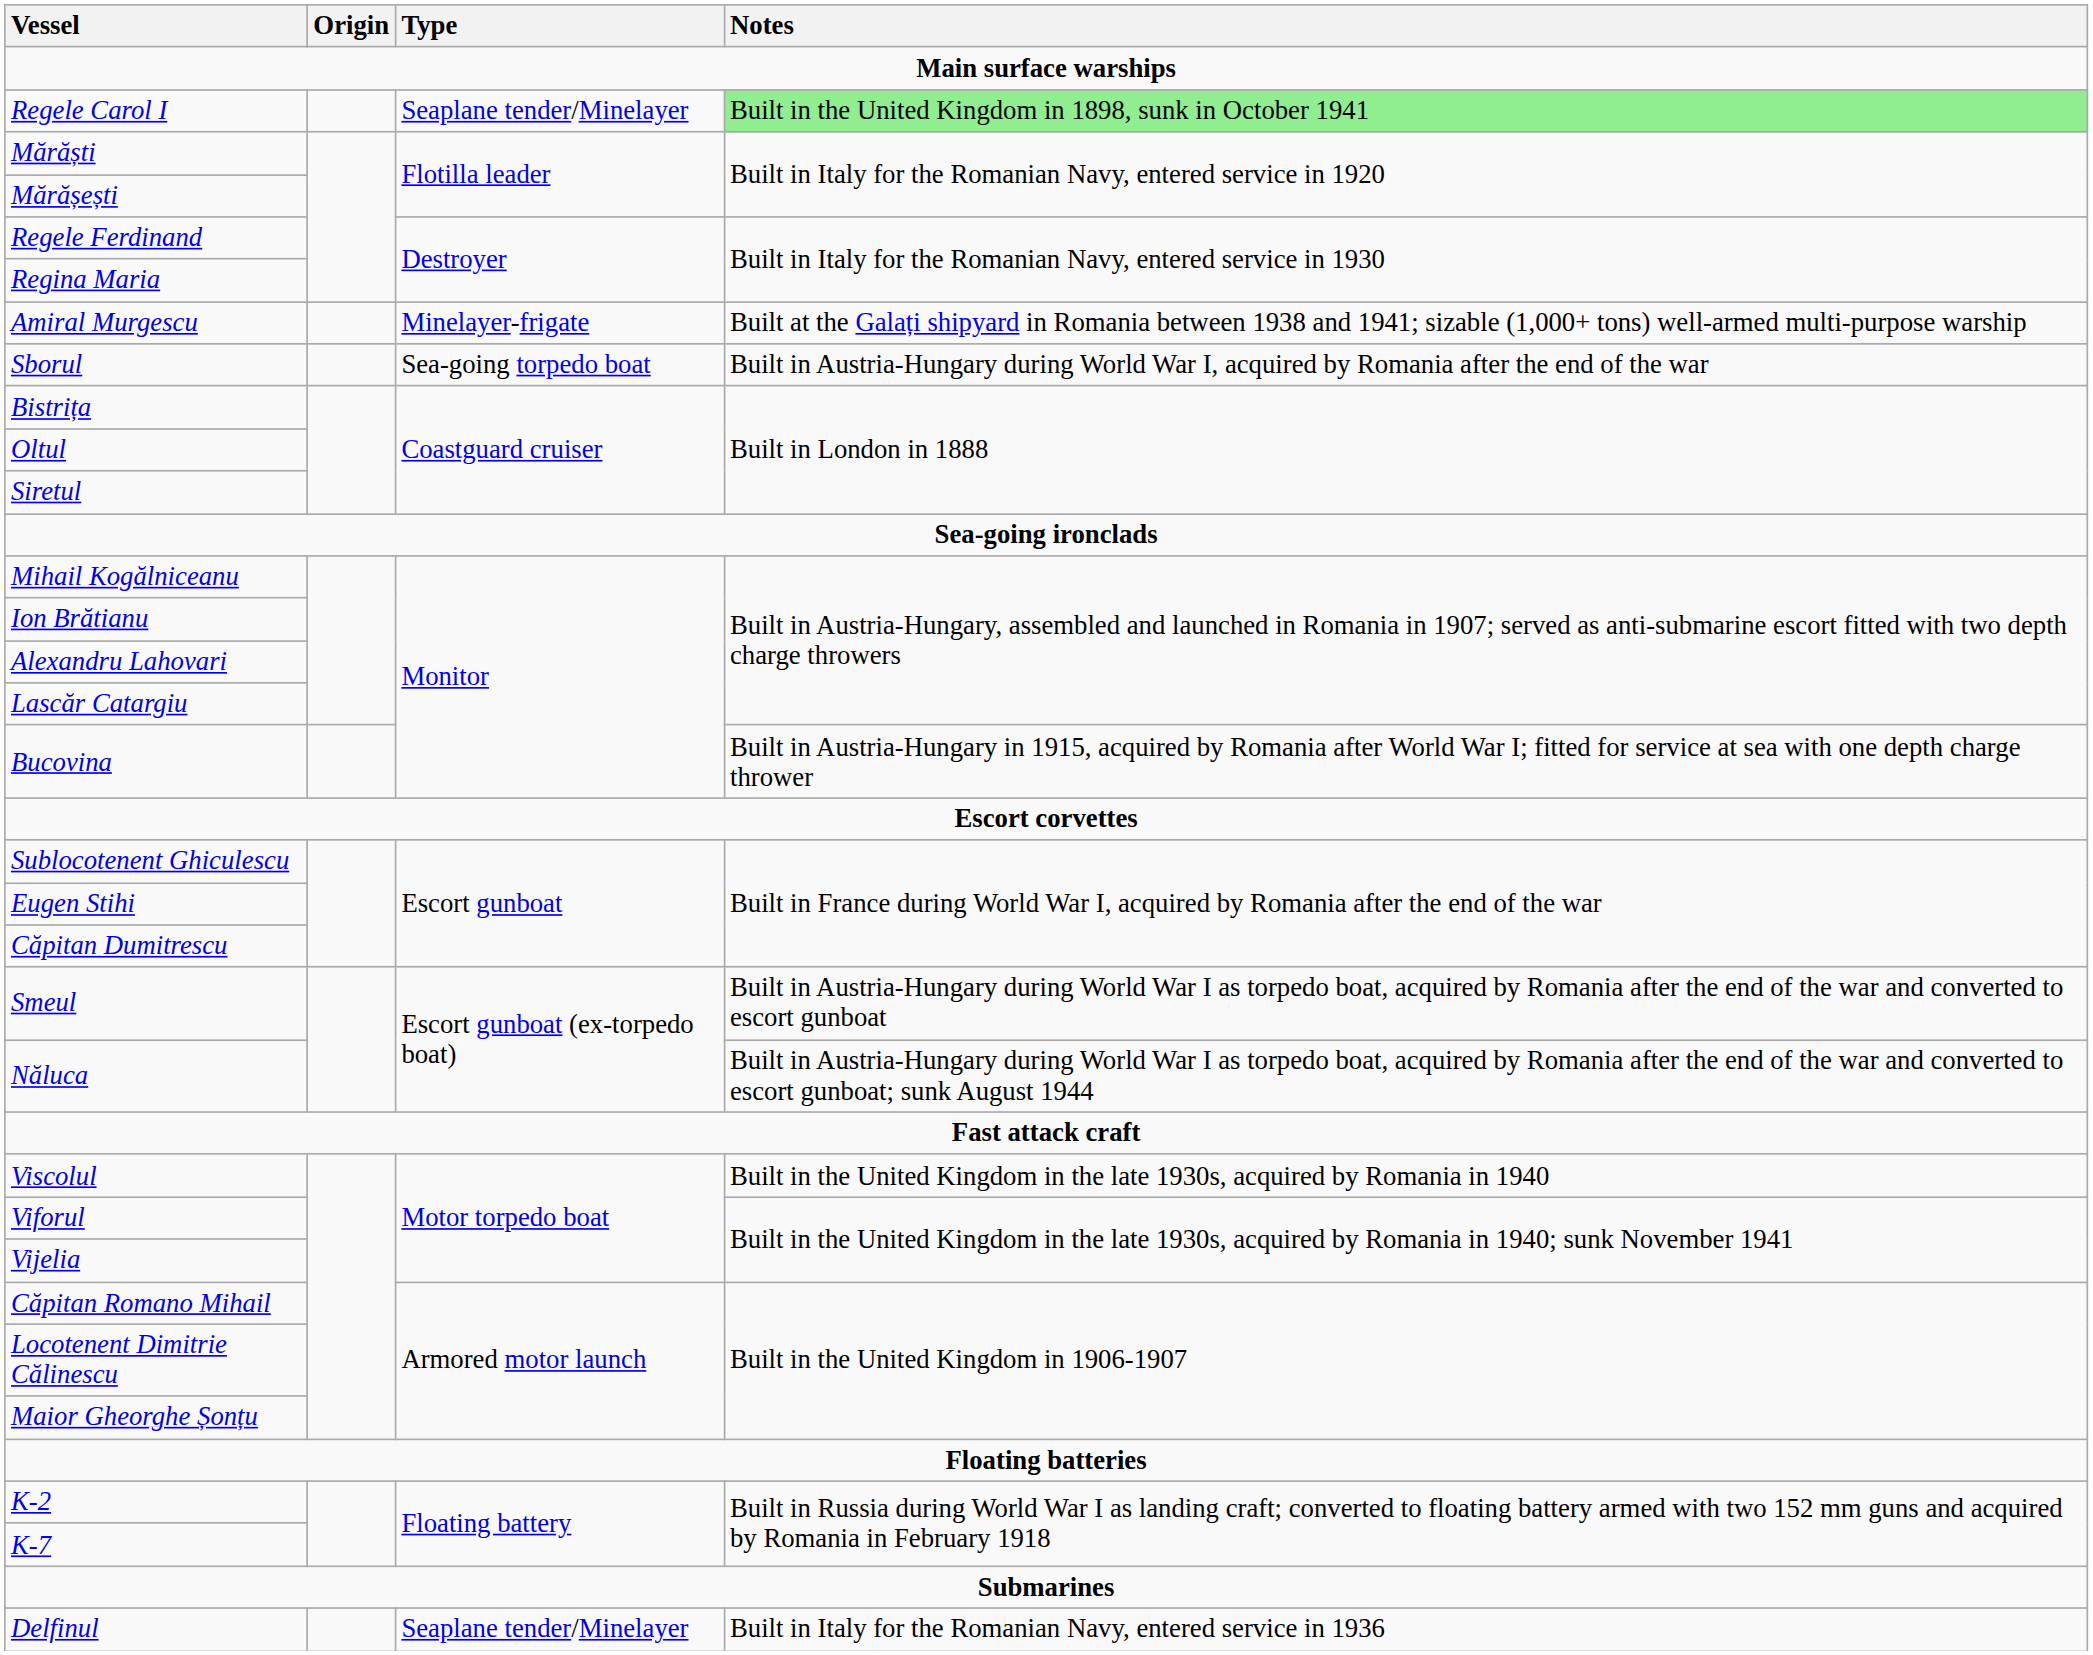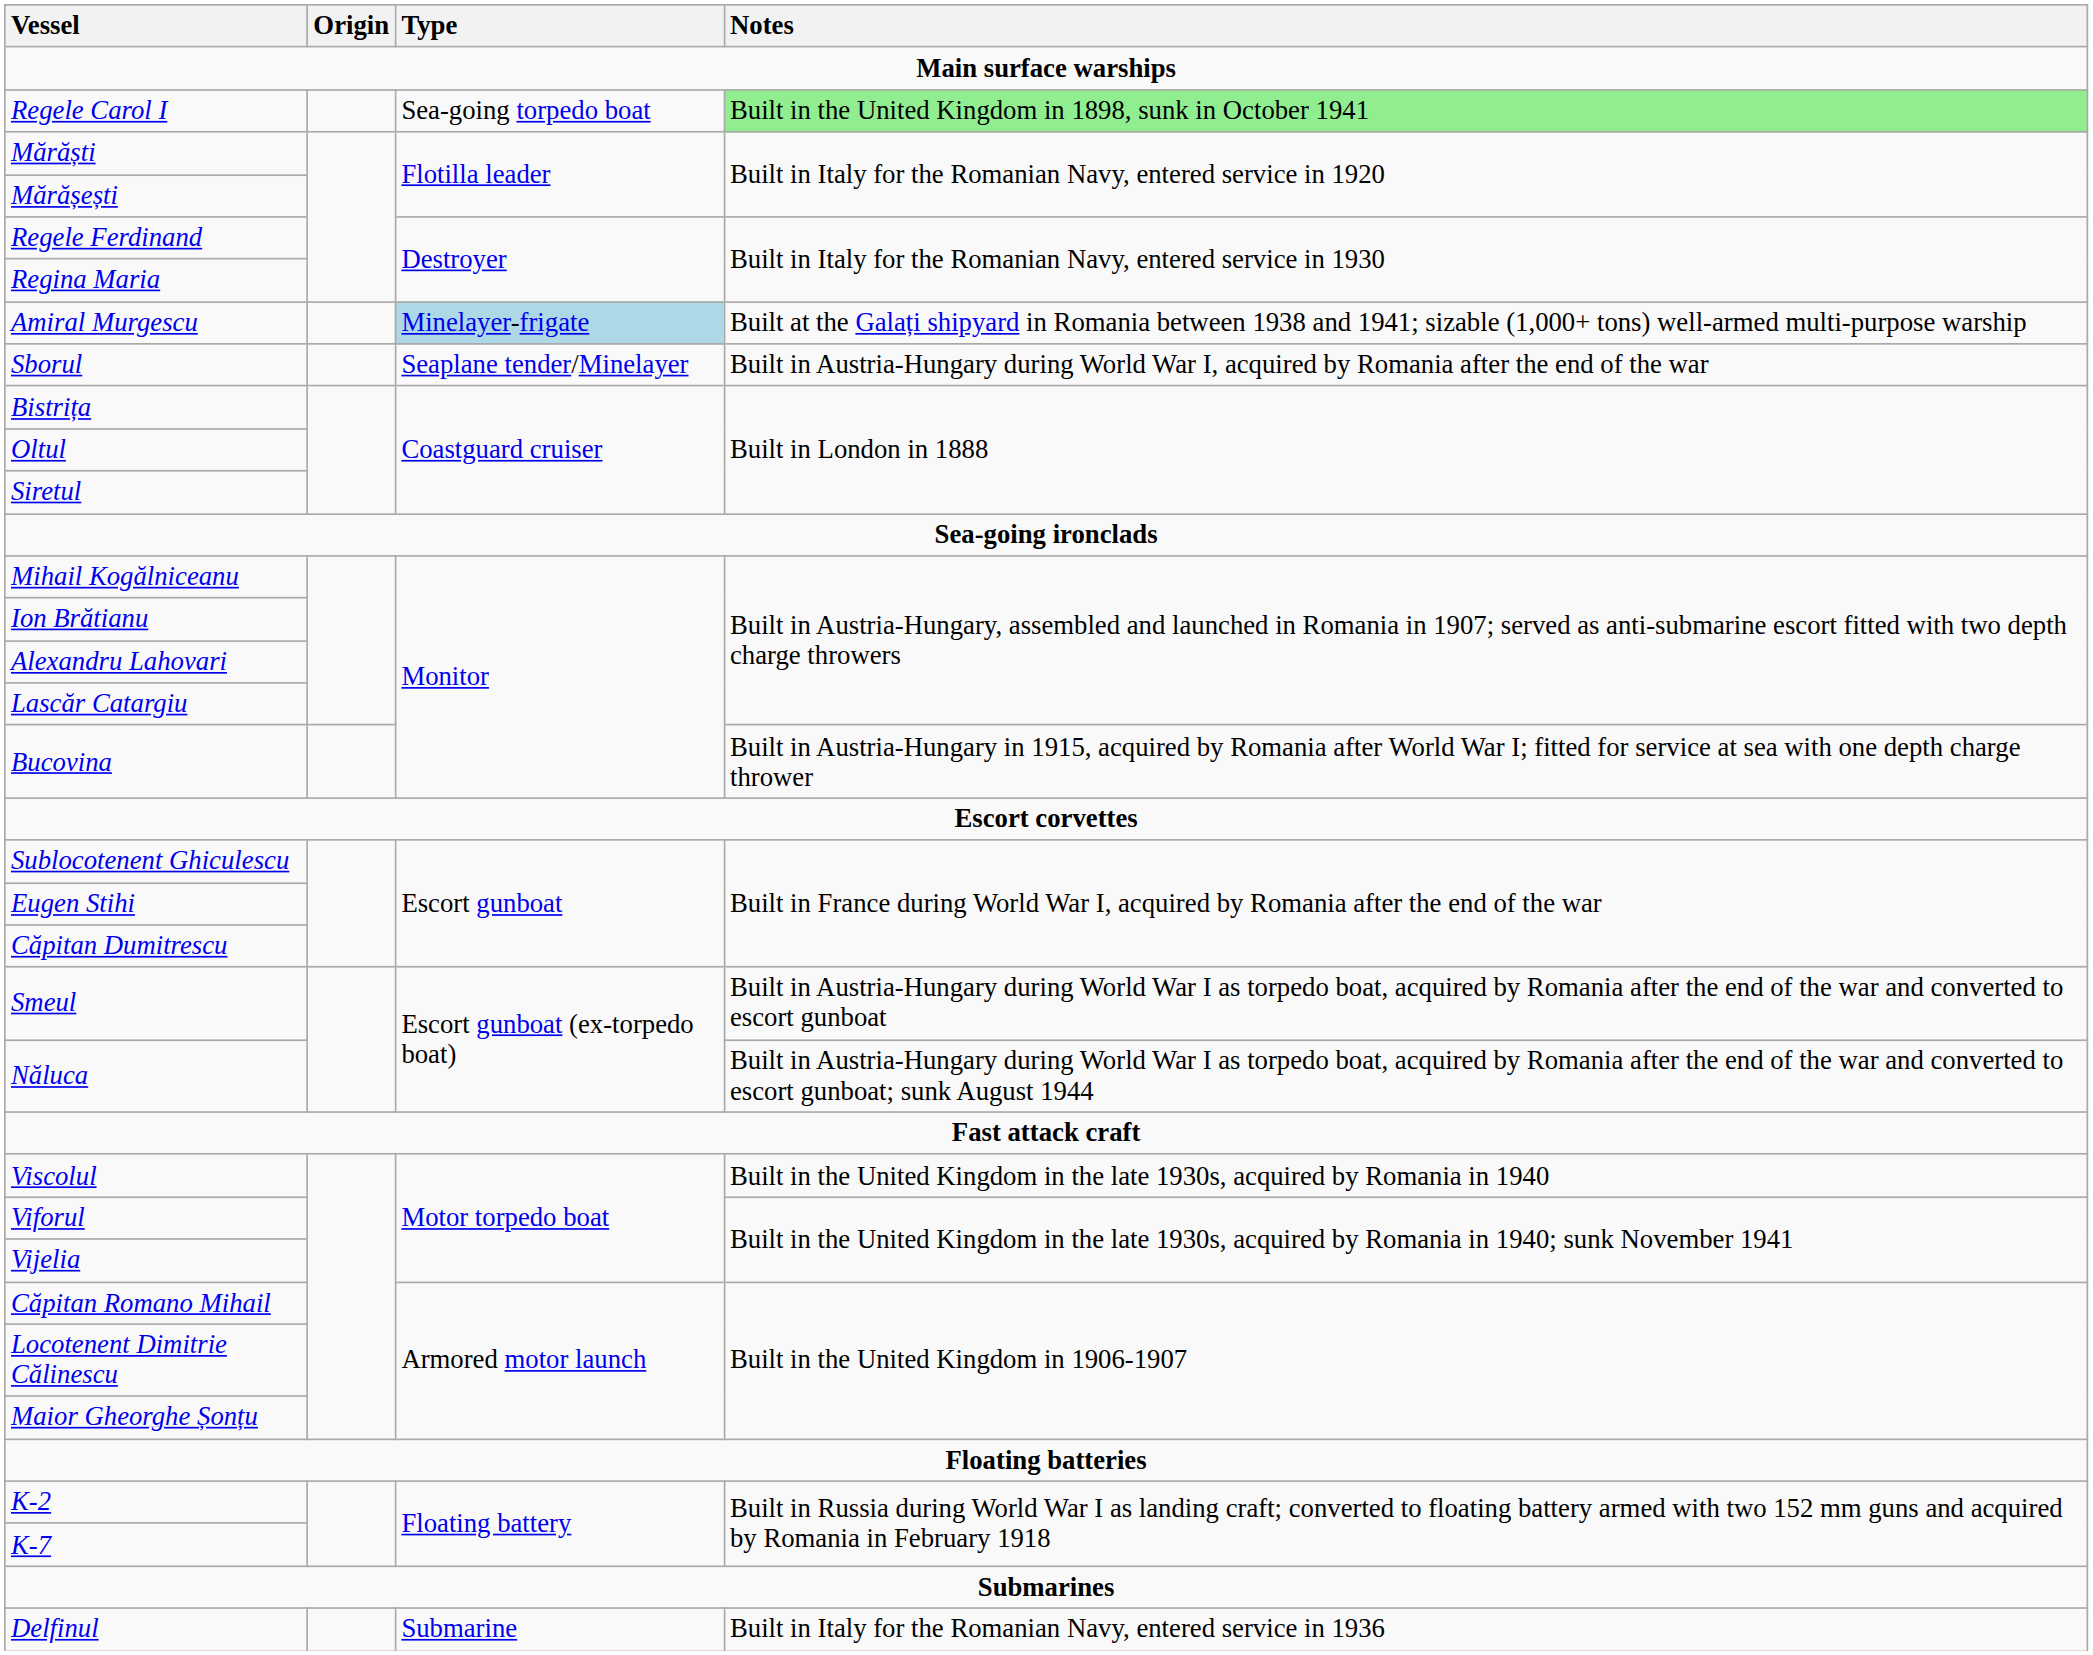 <table role="presentation" class="wikitable">
 <tr>
 <th style="text-align: left;">Vessel</th>
 <th style="text-align: left;">Origin</th>
 <th style="text-align: left;">Type</th>
 <th style="text-align: left;">Notes</th>
 </tr>
 <tr>
 <th colspan="6" style="background:#f9f9f9;">Main surface warships</th>
 </tr>
 <tr>
 <td><em><a href='#'>Regele Carol I</a></em></td>
 <td></td>
-<td><a href='#'>Seaplane tender</a>/<a href='#'>Minelayer</a></td>
+<td>Sea-going <a href='#'>torpedo boat</a></td>
 <td style="background: lightgreen;">Built in the United Kingdom in 1898, sunk in October 1941</td>
 </tr>
 <tr>
 <td><em><a href='#'>Mărăști</a></em></td>
 <td rowspan="4"></td>
 <td rowspan="2"><a href='#'>Flotilla leader</a></td>
 <td rowspan="2">Built in Italy for the Romanian Navy, entered service in 1920</td>
 </tr>
 <tr>
 <td><em><a href='#'>Mărășești</a></em></td>
 </tr>
 <tr>
 <td><em><a href='#'>Regele Ferdinand</a></em></td>
 <td rowspan="2"><a href='#'>Destroyer</a></td>
 <td rowspan="2">Built in Italy for the Romanian Navy, entered service in 1930</td>
 </tr>
 <tr>
 <td><em><a href='#'>Regina Maria</a></em></td>
 </tr>
 <tr>
 <td><em><a href='#'>Amiral Murgescu</a></em></td>
 <td></td>
-<td><a href='#'>Minelayer</a>-<a href='#'>frigate</a></td>
+<td style="background: lightblue;"><a href='#'>Minelayer</a>-<a href='#'>frigate</a></td>
 <td>Built at the <a href='#'>Galați shipyard</a> in Romania between 1938 and 1941; sizable (1,000+ tons) well-armed multi-purpose warship</td>
 </tr>
 <tr>
 <td><em><a href='#'>Sborul</a></em></td>
 <td></td>
-<td>Sea-going <a href='#'>torpedo boat</a></td>
+<td><a href='#'>Seaplane tender</a>/<a href='#'>Minelayer</a></td>
 <td>Built in Austria-Hungary during World War I, acquired by Romania after the end of the war</td>
 </tr>
 <tr>
 <td><em><a href='#'>Bistrița</a></em></td>
 <td rowspan="3"></td>
 <td rowspan="3"><a href='#'>Coastguard cruiser</a></td>
 <td rowspan="3">Built in London in 1888</td>
 </tr>
 <tr>
 <td><em><a href='#'>Oltul</a></em></td>
 </tr>
 <tr>
 <td><em><a href='#'>Siretul</a></em></td>
 </tr>
 <tr>
 <th colspan="6" style="background:#f9f9f9;">Sea-going ironclads</th>
 </tr>
 <tr>
 <td><a href='#'><em>Mihail Kogălniceanu</em></a></td>
 <td rowspan="4"><br></td>
 <td rowspan="5"><a href='#'>Monitor</a></td>
 <td rowspan="4">Built in Austria-Hungary, assembled and launched in Romania in 1907; served as anti-submarine escort fitted with two depth charge throwers</td>
 </tr>
 <tr>
 <td><a href='#'><em>Ion Brătianu</em></a></td>
 </tr>
 <tr>
 <td><a href='#'><em>Alexandru Lahovari</em></a></td>
 </tr>
 <tr>
 <td><a href='#'><em>Lascăr Catargiu</em></a></td>
 </tr>
 <tr>
 <td><a href='#'><em>Bucovina</em></a></td>
 <td></td>
 <td>Built in Austria-Hungary in 1915, acquired by Romania after World War I; fitted for service at sea with one depth charge thrower</td>
 </tr>
 <tr>
 <th colspan="6" style="background:#f9f9f9;">Escort corvettes</th>
 </tr>
 <tr>
 <td><a href='#'><em>Sublocotenent Ghiculescu</em></a></td>
 <td rowspan="3"></td>
 <td rowspan="3">Escort <a href='#'>gunboat</a></td>
 <td rowspan="3">Built in France during World War I, acquired by Romania after the end of the war</td>
 </tr>
 <tr>
 <td><a href='#'><em>Eugen Stihi</em></a></td>
 </tr>
 <tr>
 <td><a href='#'><em>Căpitan Dumitrescu</em></a></td>
 </tr>
 <tr>
 <td><a href='#'><em>Smeul</em></a></td>
 <td rowspan="2"></td>
 <td rowspan="2">Escort <a href='#'>gunboat</a> (ex-torpedo boat)</td>
 <td>Built in Austria-Hungary during World War I as torpedo boat, acquired by Romania after the end of the war and converted to escort gunboat</td>
 </tr>
 <tr>
 <td><a href='#'><em>Năluca</em></a></td>
 <td>Built in Austria-Hungary during World War I as torpedo boat, acquired by Romania after the end of the war and converted to escort gunboat; sunk August 1944</td>
 </tr>
 <tr>
 <th colspan="6" style="background:#f9f9f9;">Fast attack craft</th>
 </tr>
 <tr>
 <td><em><a href='#'>Viscolul</a></em></td>
 <td rowspan="6"></td>
 <td rowspan="3"><a href='#'>Motor torpedo boat</a></td>
 <td>Built in the United Kingdom in the late 1930s, acquired by Romania in 1940</td>
 </tr>
 <tr>
 <td><em><a href='#'>Viforul</a></em></td>
 <td rowspan="2">Built in the United Kingdom in the late 1930s, acquired by Romania in 1940; sunk November 1941</td>
 </tr>
 <tr>
 <td><em><a href='#'>Vijelia</a></em></td>
 </tr>
 <tr>
 <td><em><a href='#'>Căpitan Romano Mihail</a></em></td>
 <td rowspan="3">Armored <a href='#'>motor launch</a></td>
 <td rowspan="3">Built in the United Kingdom in 1906-1907</td>
 </tr>
 <tr>
 <td><em><a href='#'>Locotenent Dimitrie Călinescu</a></em></td>
 </tr>
 <tr>
 <td><em><a href='#'>Maior Gheorghe Șonțu</a></em></td>
 </tr>
 <tr>
 <th colspan="6" style="background:#f9f9f9;">Floating batteries</th>
 </tr>
 <tr>
 <td><em><a href='#'>K-2</a></em></td>
 <td rowspan="2"></td>
 <td rowspan="2"><a href='#'>Floating battery</a></td>
 <td rowspan="2">Built in Russia during World War I as landing craft; converted to floating battery armed with two 152 mm guns and acquired by Romania in February 1918</td>
 </tr>
 <tr>
 <td><em><a href='#'>K-7</a></em></td>
 </tr>
 <tr>
 <th colspan="6" style="background:#f9f9f9;">Submarines</th>
 </tr>
 <tr>
 <td><em><a href='#'>Delfinul</a></em></td>
 <td></td>
-<td><a href='#'>Seaplane tender</a>/<a href='#'>Minelayer</a></td>
+<td><a href='#'>Submarine</a></td>
 <td>Built in Italy for the Romanian Navy, entered service in 1936</td>
 </tr>
 </table>
